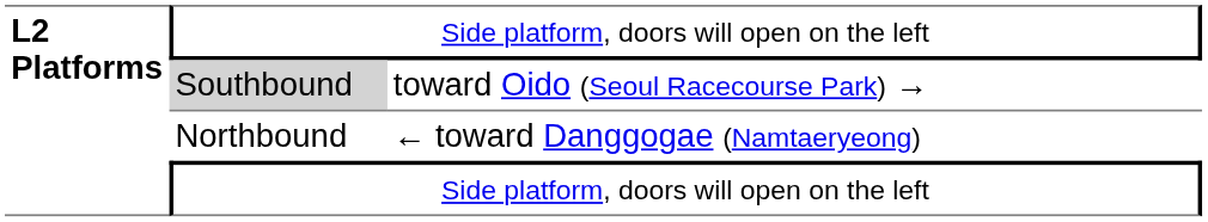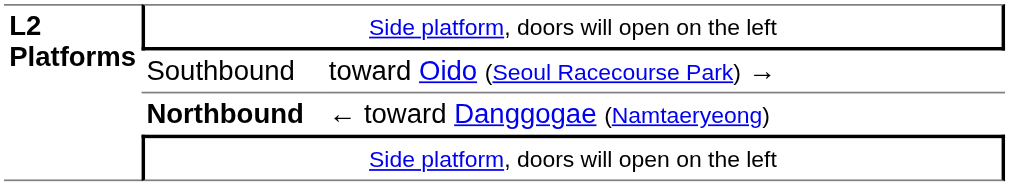 <table table border=0 cellspacing=0 cellpadding=3>
 <tr>
 <td style="border-top:solid 1px gray;border-bottom:solid 1px gray;" width=50 rowspan=10 valign=top><strong>L2<br>Platforms</strong></td>
 <td style="border-top:solid 1px gray;border-right:solid 2px black;border-left:solid 2px black;border-bottom:solid 2px black;text-align:center;" colspan=2><small><a href='#'>Side platform</a>, doors will open on the left</small></td>
 </tr>
 <tr>
-<td style="background: lightgrey;">Southbound</td>
+<td>Southbound</td>
 <td>  toward <a href='#'>Oido</a> <small>(<a href='#'>Seoul Racecourse Park</a>)</small> →</td>
 </tr>
 <tr>
-<td style="border-bottom:solid 0px gray;border-top:solid 1px gray;" width=100>Northbound</td>
+<td style="border-bottom:solid 0px gray;border-top:solid 1px gray;" width=100><strong>Northbound</strong></td>
 <td style="border-bottom:solid 0px gray;border-top:solid 1px gray;" width=390>←  toward <a href='#'>Danggogae</a> <small>(<a href='#'>Namtaeryeong</a>)</small></td>
 </tr>
 <tr>
 <td style="border-top:solid 2px black;border-right:solid 2px black;border-left:solid 2px black;border-bottom:solid 1px gray;text-align:center;" colspan=2><small><a href='#'>Side platform</a>, doors will open on the left</small></td>
 </tr>
 </table>
